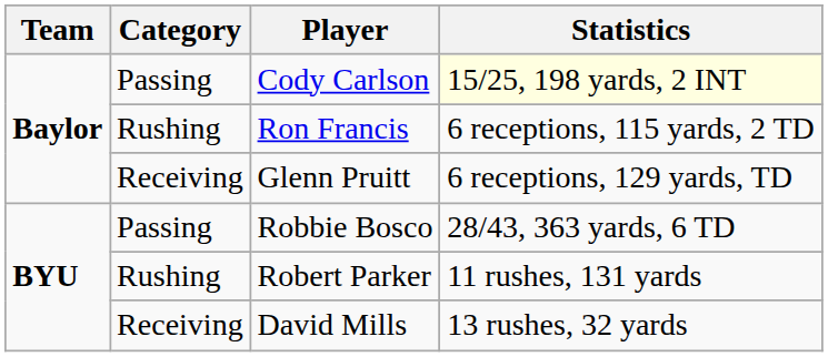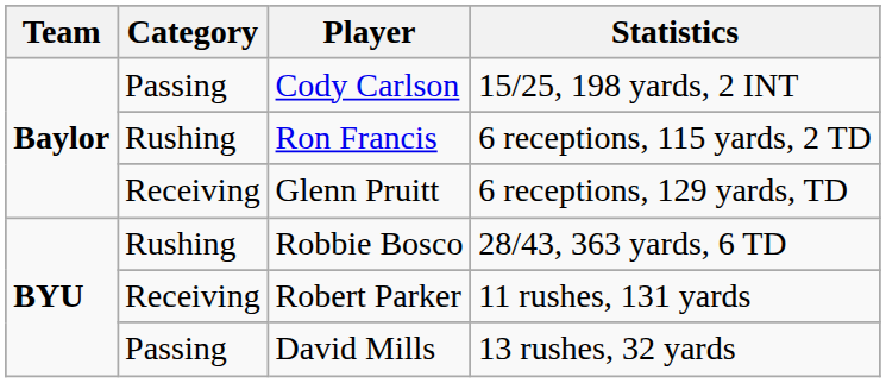 <table class="wikitable" style="float: left;">
 <tr>
 <th>Team</th>
 <th>Category</th>
 <th>Player</th>
 <th>Statistics</th>
 </tr>
 <tr>
 <td rowspan=3><strong>Baylor</strong></td>
 <td>Passing</td>
 <td><a href='#'>Cody Carlson</a></td>
-<td style="background: lightyellow;">15/25, 198 yards, 2 INT</td>
+<td>15/25, 198 yards, 2 INT</td>
 </tr>
 <tr>
 <td>Rushing</td>
 <td><a href='#'>Ron Francis</a></td>
 <td>6 receptions, 115 yards, 2 TD</td>
 </tr>
 <tr>
 <td>Receiving</td>
 <td>Glenn Pruitt</td>
 <td>6 receptions, 129 yards, TD</td>
 </tr>
 <tr>
 <td rowspan=3><strong>BYU</strong></td>
-<td>Passing</td>
+<td>Rushing</td>
 <td>Robbie Bosco</td>
 <td>28/43, 363 yards, 6 TD</td>
 </tr>
 <tr>
-<td>Rushing</td>
+<td>Receiving</td>
 <td>Robert Parker</td>
 <td>11 rushes, 131 yards</td>
 </tr>
 <tr>
-<td>Receiving</td>
+<td>Passing</td>
 <td>David Mills</td>
 <td>13 rushes, 32 yards</td>
 </tr>
 </table>
